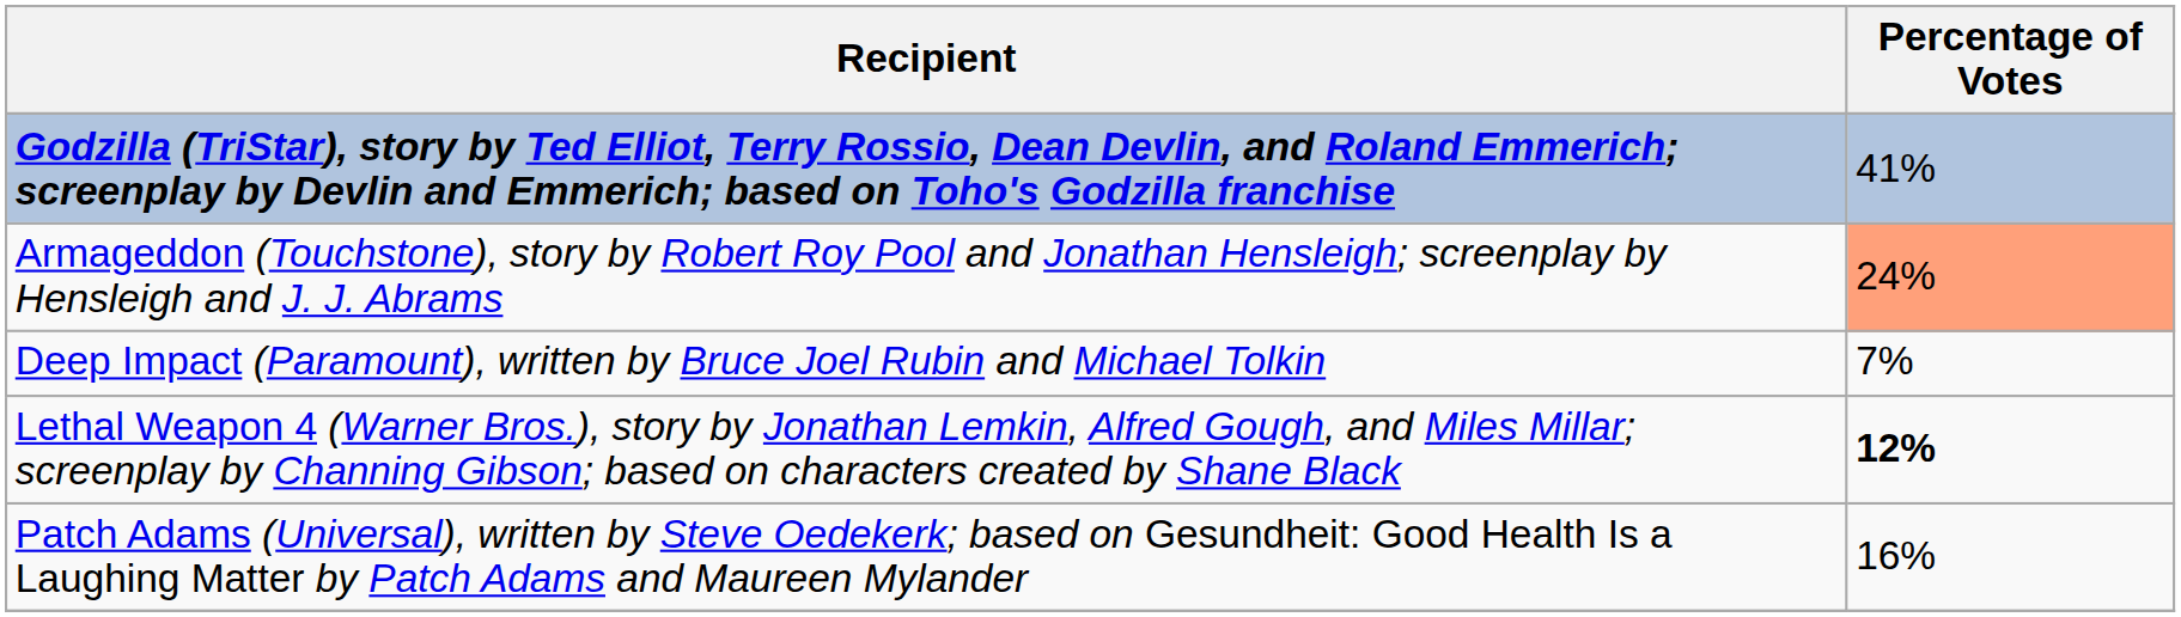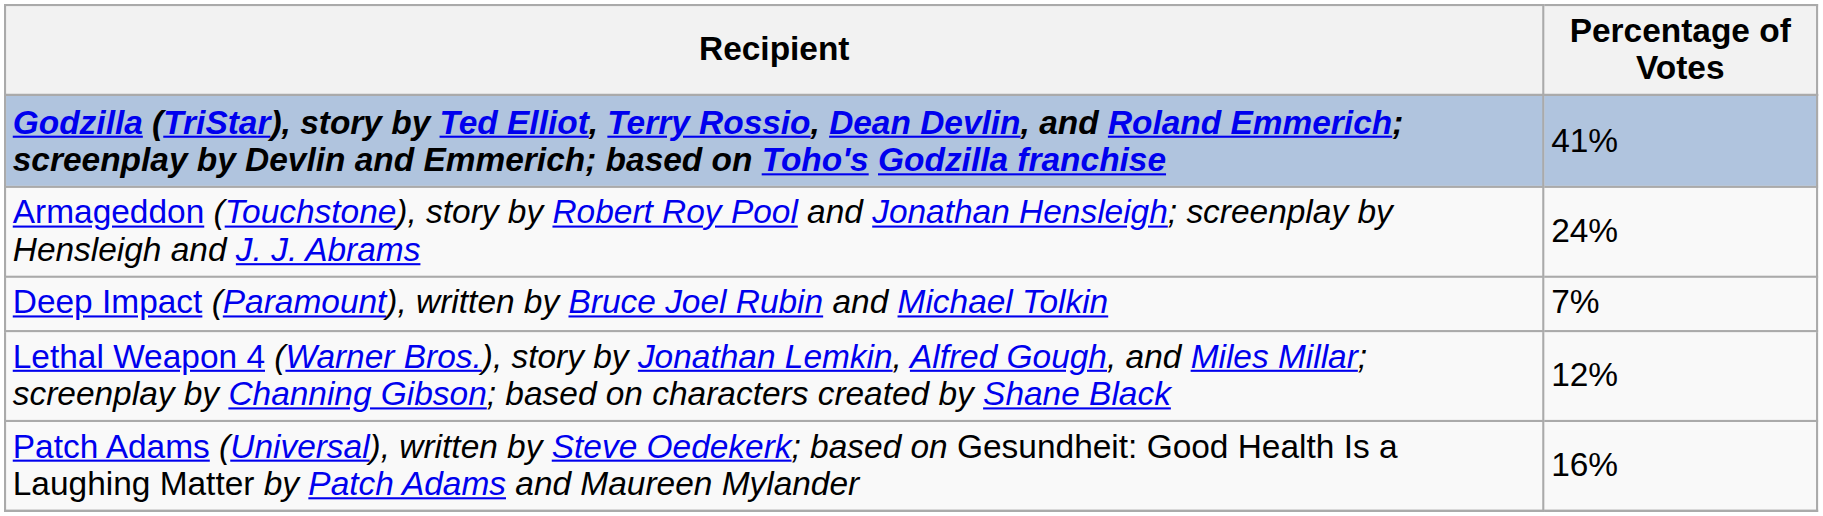 <table class="wikitable sortable plainrowheaders">
 <tr>
 <th>Recipient</th>
 <th>Percentage of Votes</th>
 </tr>
 <tr>
 </tr>
 <tr style="background:#B0C4DE;">
 <td><strong><em><a href='#'>Godzilla</a><em> (<a href='#'>TriStar</a>), story by <a href='#'>Ted Elliot</a>, <a href='#'>Terry Rossio</a>, <a href='#'>Dean Devlin</a>, and <a href='#'>Roland Emmerich</a>; screenplay by Devlin and Emmerich; based on <a href='#'>Toho's</a> <a href='#'>Godzilla franchise</a><strong></td>
 <td></strong>41%<strong></td>
 </tr>
 <tr>
 <td></em><a href='#'>Armageddon</a><em> (<a href='#'>Touchstone</a>), story by <a href='#'>Robert Roy Pool</a> and <a href='#'>Jonathan Hensleigh</a>; screenplay by Hensleigh and <a href='#'>J. J. Abrams</a></td>
-<td style="background: lightsalmon;">24%</td>
+<td>24%</td>
 </tr>
 <tr>
 <td></em><a href='#'>Deep Impact</a><em> (<a href='#'>Paramount</a>), written by <a href='#'>Bruce Joel Rubin</a> and <a href='#'>Michael Tolkin</a></td>
 <td>7%</td>
 </tr>
 <tr>
 <td></em><a href='#'>Lethal Weapon 4</a><em> (<a href='#'>Warner Bros.</a>), story by <a href='#'>Jonathan Lemkin</a>, <a href='#'>Alfred Gough</a>, and <a href='#'>Miles Millar</a>; screenplay by <a href='#'>Channing Gibson</a>; based on characters created by <a href='#'>Shane Black</a></td>
-<td><strong>12%</strong></td>
+<td>12%</td>
 </tr>
 <tr>
 <td></em><a href='#'>Patch Adams</a><em> (<a href='#'>Universal</a>), written by <a href='#'>Steve Oedekerk</a>; based on </em>Gesundheit: Good Health Is a Laughing Matter<em> by <a href='#'>Patch Adams</a> and Maureen Mylander</td>
 <td>16%</td>
 </tr>
 <tr>
 </tr>
 </table>
